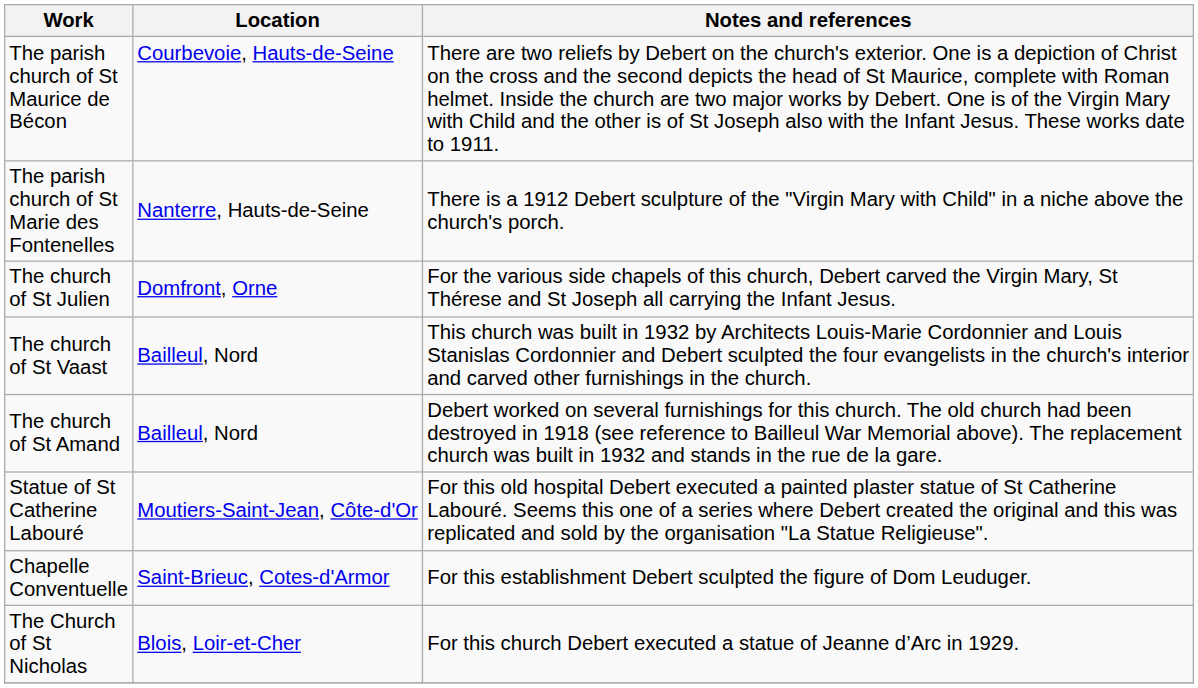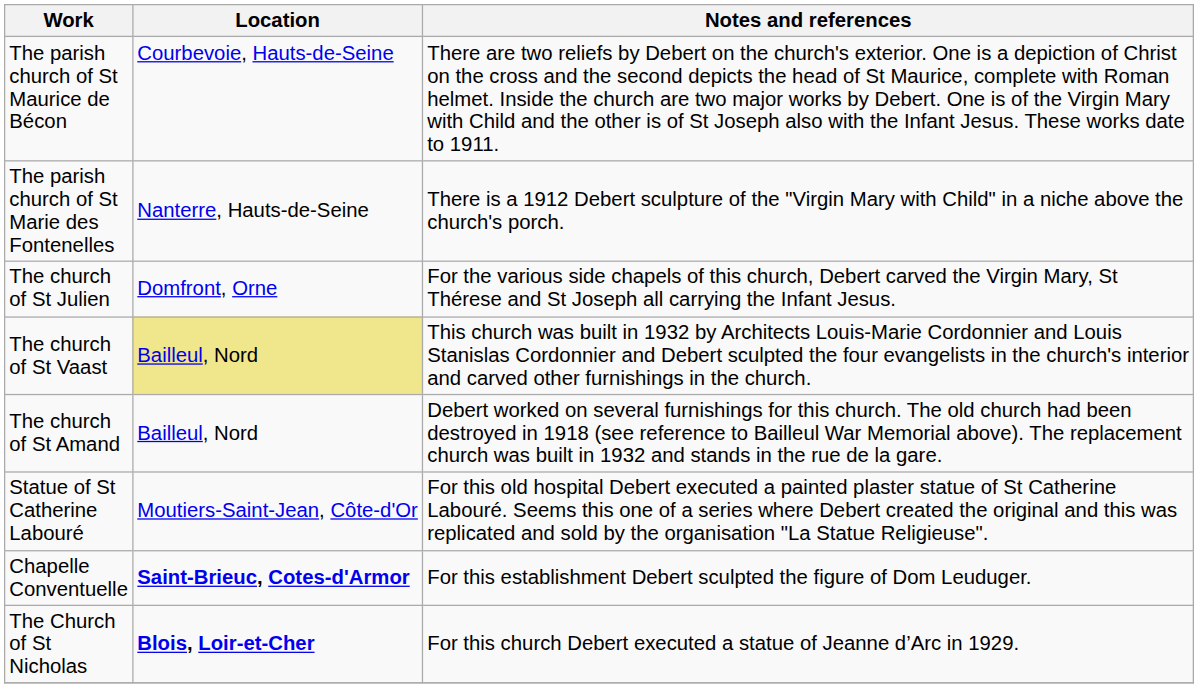 <table class="wikitable sortable">
 <tr>
 <th style="width:90px">Work</th>
 <th style="width=:100px">Location</th>
 <th style="width:600px" class="unsortable">Notes and references</th>
 </tr>
 <tr valign="top">
 <td>The parish church of St Maurice de Bécon</td>
 <td><a href='#'>Courbevoie</a>, <a href='#'>Hauts-de-Seine</a></td>
 <td>There are two reliefs by Debert on the church's exterior.  One is a depiction of Christ on the cross and the second depicts the head of St Maurice, complete with Roman helmet.  Inside the church are two major works by Debert.  One is of the Virgin Mary with Child and the other is of St Joseph also with the Infant Jesus. These works date to 1911.</td>
 </tr>
 <tr>
 <td>The parish church of St Marie des Fontenelles</td>
 <td><a href='#'>Nanterre</a>, Hauts-de-Seine</td>
 <td>There is a 1912 Debert sculpture of the "Virgin Mary with Child" in a niche above the church's porch.</td>
 </tr>
 <tr>
 <td>The church of St Julien</td>
 <td><a href='#'>Domfront</a>, <a href='#'>Orne</a></td>
 <td>For the various side chapels of this church,  Debert carved the Virgin Mary, St Thérese and St Joseph all carrying the Infant Jesus.</td>
 </tr>
 <tr>
 <td>The church of St Vaast</td>
-<td><a href='#'>Bailleul</a>, Nord</td>
+<td style="background: khaki;"><a href='#'>Bailleul</a>, Nord</td>
 <td>This church was built in 1932 by Architects Louis-Marie Cordonnier and Louis Stanislas Cordonnier and Debert sculpted the four evangelists in the church's interior and carved other furnishings in the church.</td>
 </tr>
 <tr>
 <td>The church of St Amand</td>
 <td><a href='#'>Bailleul</a>, Nord</td>
 <td>Debert worked on several furnishings for this church.  The old church had been destroyed in 1918 (see reference to Bailleul War Memorial above).  The replacement church was built in 1932 and stands in the rue de la gare.</td>
 </tr>
 <tr>
 <td>Statue of St Catherine Labouré</td>
 <td><a href='#'>Moutiers-Saint-Jean</a>, <a href='#'>Côte-d'Or</a></td>
 <td>For this old hospital Debert executed a painted plaster statue of St Catherine Labouré.  Seems this one of a series where Debert created the original and this was replicated and sold by the organisation "La Statue Religieuse".</td>
 </tr>
 <tr>
 <td>Chapelle Conventuelle</td>
-<td><a href='#'>Saint-Brieuc</a>, <a href='#'>Cotes-d'Armor</a></td>
+<td><strong><a href='#'>Saint-Brieuc</a>, <a href='#'>Cotes-d'Armor</a></strong></td>
 <td>For this establishment Debert sculpted the figure of Dom Leuduger.</td>
 </tr>
 <tr>
 <td>The Church of St Nicholas</td>
-<td><a href='#'>Blois</a>, <a href='#'>Loir-et-Cher</a></td>
+<td><strong><a href='#'>Blois</a>, <a href='#'>Loir-et-Cher</a></strong></td>
 <td>For this church Debert executed a statue of Jeanne d’Arc in 1929.</td>
 </tr>
 <tr>
 </tr>
 </table>
